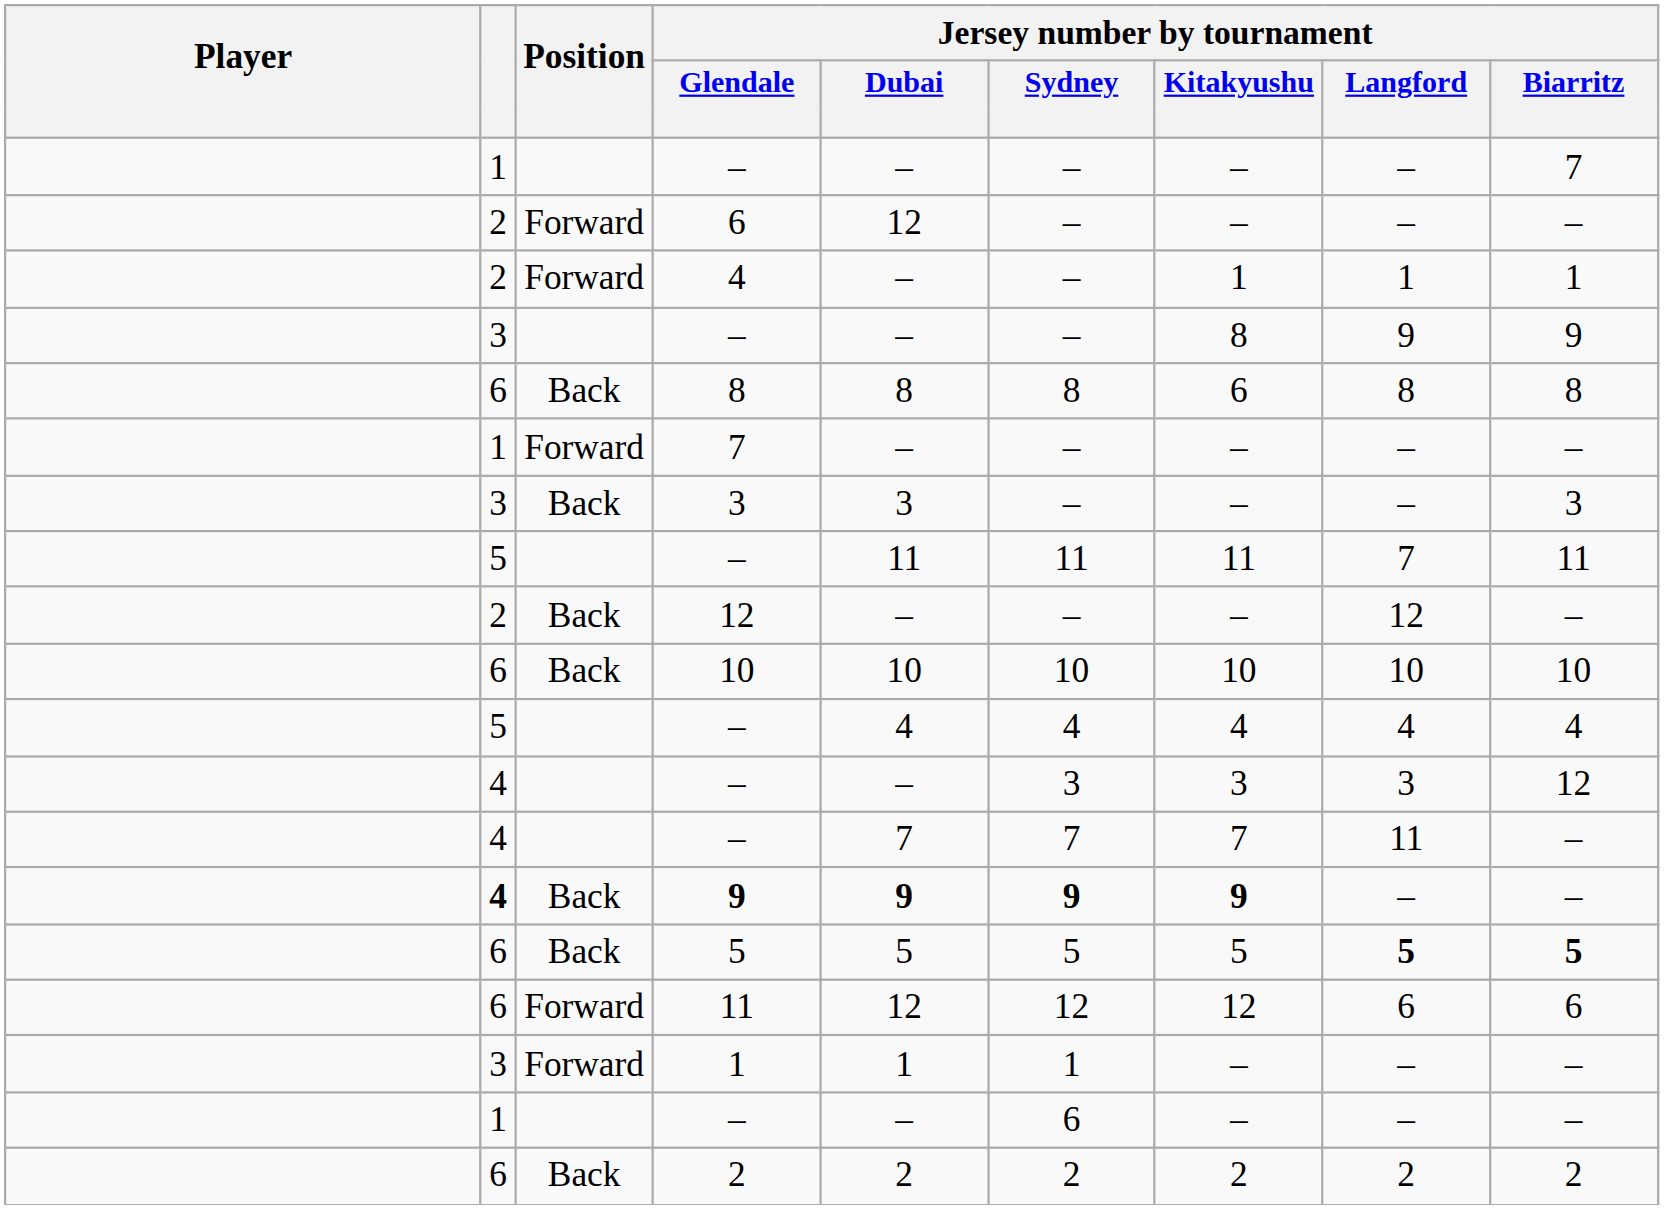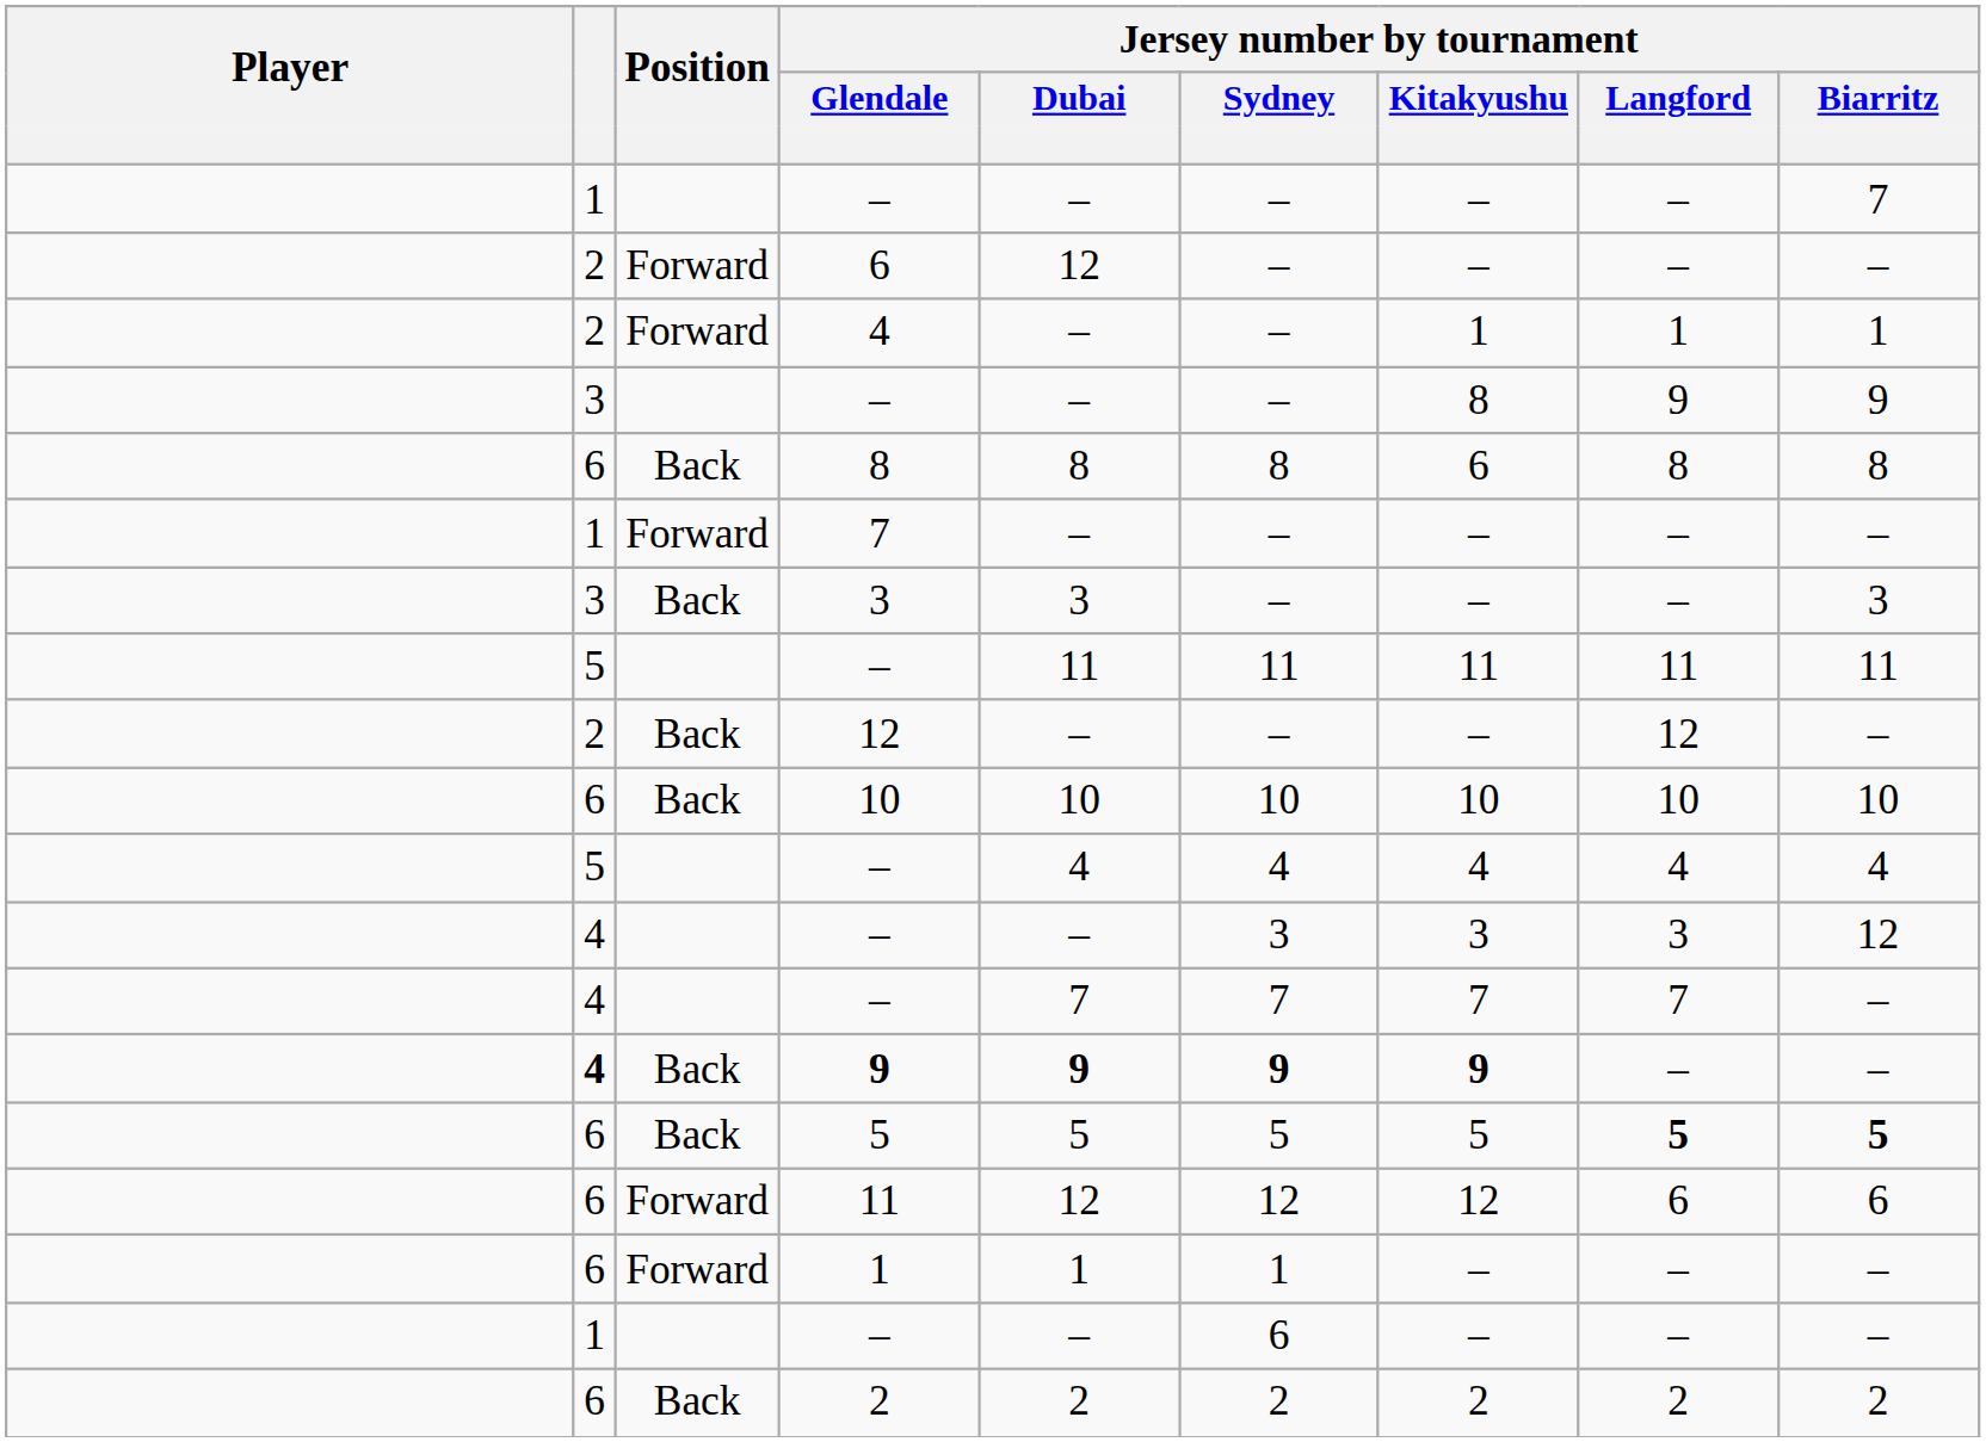 <table class="wikitable sortable" style="text-align:center;">
 <tr>
 <th rowspan=2 style="border-bottom:0px; width:13em;">Player</th>
 <th rowspan=2 style="border-bottom:0px;"></th>
 <th rowspan=2 style="border-bottom:0px;">Position</th>
 <th colspan=6 style="font-size:95%;">Jersey number by tournament</th>
 </tr>
 <tr>
 <th style="vertical-align:top; width:5.2em; border-bottom:0; padding:2px; font-size:85%;"><a href='#'>Glendale</a></th>
 <th style="vertical-align:top; width:5.2em; border-bottom:0; padding:2px; font-size:85%;"><a href='#'>Dubai</a></th>
 <th style="vertical-align:top; width:5.2em; border-bottom:0; padding:2px; font-size:85%;"><a href='#'>Sydney</a></th>
 <th style="vertical-align:top; width:5.2em; border-bottom:0; padding:2px; font-size:85%;"><a href='#'>Kitakyushu</a></th>
 <th style="vertical-align:top; width:5.2em; border-bottom:0; padding:2px; font-size:85%;"><a href='#'>Langford</a></th>
 <th style="vertical-align:top; width:5.2em; border-bottom:0; padding:2px; font-size:85%;"><a href='#'>Biarritz</a></th>
 </tr>
 <tr style="line-height:8px;">
 <th style="border-top:0;"> </th>
 <th style="border-top:0;"></th>
 <th style="border-top:0;"></th>
 <th data-sort-type="number" style="border-top:0;"></th>
 <th data-sort-type="number" style="border-top:0;"></th>
 <th data-sort-type="number" style="border-top:0;"></th>
 <th data-sort-type="number" style="border-top:0;"></th>
 <th data-sort-type="number" style="border-top:0;"></th>
 <th data-sort-type="number" style="border-top:0;"></th>
 </tr>
 <tr>
 <td align=left></td>
 <td>1</td>
 <td></td>
 <td>–</td>
 <td>–</td>
 <td>–</td>
 <td>–</td>
 <td>–</td>
 <td>7</td>
 </tr>
 <tr>
 <td align=left></td>
 <td>2</td>
 <td>Forward</td>
 <td>6</td>
 <td>12</td>
 <td>–</td>
 <td>–</td>
 <td>–</td>
 <td>–</td>
 </tr>
 <tr>
 <td align=left></td>
 <td>2</td>
 <td>Forward</td>
 <td>4</td>
 <td>–</td>
 <td>–</td>
 <td>1</td>
 <td>1</td>
 <td>1</td>
 </tr>
 <tr>
 <td align=left></td>
 <td>3</td>
 <td></td>
 <td>–</td>
 <td>–</td>
 <td>–</td>
 <td>8</td>
 <td>9</td>
 <td>9</td>
 </tr>
 <tr>
 <td align=left></td>
 <td>6</td>
 <td>Back</td>
 <td>8</td>
 <td>8</td>
 <td>8</td>
 <td>6</td>
 <td>8</td>
 <td>8</td>
 </tr>
 <tr>
 <td align=left></td>
 <td>1</td>
 <td>Forward</td>
 <td>7</td>
 <td>–</td>
 <td>–</td>
 <td>–</td>
 <td>–</td>
 <td>–</td>
 </tr>
 <tr>
 <td align=left></td>
 <td>3</td>
 <td>Back</td>
 <td>3</td>
 <td>3</td>
 <td>–</td>
 <td>–</td>
 <td>–</td>
 <td>3</td>
 </tr>
 <tr>
 <td align=left></td>
 <td>5</td>
 <td></td>
 <td>–</td>
 <td>11</td>
 <td>11</td>
 <td>11</td>
-<td>7</td>
+<td>11</td>
 <td>11</td>
 </tr>
 <tr>
 <td align=left></td>
 <td>2</td>
 <td>Back</td>
 <td>12</td>
 <td>–</td>
 <td>–</td>
 <td>–</td>
 <td>12</td>
 <td>–</td>
 </tr>
 <tr>
 <td align=left></td>
 <td>6</td>
 <td>Back</td>
 <td>10</td>
 <td>10</td>
 <td>10</td>
 <td>10</td>
 <td>10</td>
 <td>10</td>
 </tr>
 <tr>
 <td align=left></td>
 <td>5</td>
 <td></td>
 <td>–</td>
 <td>4</td>
 <td>4</td>
 <td>4</td>
 <td>4</td>
 <td>4</td>
 </tr>
 <tr>
 <td align=left></td>
 <td>4</td>
 <td></td>
 <td>–</td>
 <td>–</td>
 <td>3</td>
 <td>3</td>
 <td>3</td>
 <td>12</td>
 </tr>
 <tr>
 <td align=left></td>
 <td>4</td>
 <td></td>
 <td>–</td>
 <td>7</td>
 <td>7</td>
 <td>7</td>
-<td>11</td>
+<td>7</td>
 <td>–</td>
 </tr>
 <tr>
 <td align=left></td>
 <td><strong>4</strong></td>
 <td>Back</td>
 <td><strong>9</strong></td>
 <td><strong>9</strong></td>
 <td><strong>9</strong></td>
 <td><strong>9</strong></td>
 <td>–</td>
 <td>–</td>
 </tr>
 <tr>
 <td align=left></td>
 <td>6</td>
 <td>Back</td>
 <td>5</td>
 <td>5</td>
 <td>5</td>
 <td>5</td>
 <td><strong>5</strong></td>
 <td><strong>5</strong></td>
 </tr>
 <tr>
 <td align=left></td>
 <td>6</td>
 <td>Forward</td>
 <td>11</td>
 <td>12</td>
 <td>12</td>
 <td>12</td>
 <td>6</td>
 <td>6</td>
 </tr>
 <tr>
 <td align=left></td>
-<td>3</td>
+<td>6</td>
 <td>Forward</td>
 <td>1</td>
 <td>1</td>
 <td>1</td>
 <td>–</td>
 <td>–</td>
 <td>–</td>
 </tr>
 <tr>
 <td align=left></td>
 <td>1</td>
 <td></td>
 <td>–</td>
 <td>–</td>
 <td>6</td>
 <td>–</td>
 <td>–</td>
 <td>–</td>
 </tr>
 <tr>
 <td align=left></td>
 <td>6</td>
 <td>Back</td>
 <td>2</td>
 <td>2</td>
 <td>2</td>
 <td>2</td>
 <td>2</td>
 <td>2</td>
 </tr>
 </table>
